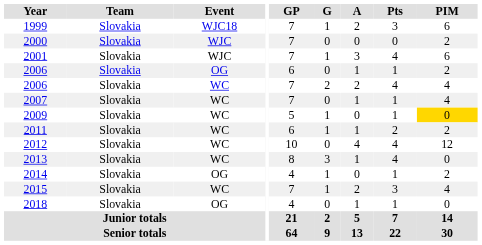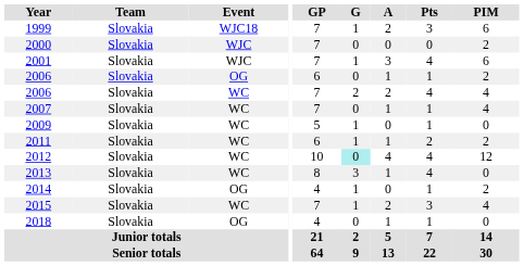 <table border="0" cellpadding="1" cellspacing="0" ID="Table3" style="text-align:center; width:40em">
 <tr ALIGN="center" bgcolor="#e0e0e0">
 <th>Year</th>
 <th>Team</th>
 <th>Event</th>
 <th rowspan="99" bgcolor="#ffffff"></th>
 <th>GP</th>
 <th>G</th>
 <th>A</th>
 <th>Pts</th>
 <th>PIM</th>
 </tr>
 <tr>
 <td><a href='#'>1999</a></td>
 <td><a href='#'>Slovakia</a></td>
 <td><a href='#'>WJC18</a></td>
 <td>7</td>
 <td>1</td>
 <td>2</td>
 <td>3</td>
 <td>6</td>
 </tr>
 <tr bgcolor="#f0f0f0">
 <td><a href='#'>2000</a></td>
 <td><a href='#'>Slovakia</a></td>
 <td><a href='#'>WJC</a></td>
 <td>7</td>
 <td>0</td>
 <td>0</td>
 <td>0</td>
 <td>2</td>
 </tr>
 <tr>
 <td><a href='#'>2001</a></td>
 <td>Slovakia</td>
 <td>WJC</td>
 <td>7</td>
 <td>1</td>
 <td>3</td>
 <td>4</td>
 <td>6</td>
 </tr>
 <tr bgcolor="#f0f0f0">
 <td><a href='#'>2006</a></td>
 <td><a href='#'>Slovakia</a></td>
 <td><a href='#'>OG</a></td>
 <td>6</td>
 <td>0</td>
 <td>1</td>
 <td>1</td>
 <td>2</td>
 </tr>
 <tr>
 <td><a href='#'>2006</a></td>
 <td>Slovakia</td>
 <td><a href='#'>WC</a></td>
 <td>7</td>
 <td>2</td>
 <td>2</td>
 <td>4</td>
 <td>4</td>
 </tr>
 <tr bgcolor="#f0f0f0">
 <td><a href='#'>2007</a></td>
 <td>Slovakia</td>
 <td>WC</td>
 <td>7</td>
 <td>0</td>
 <td>1</td>
 <td>1</td>
 <td>4</td>
 </tr>
 <tr>
 <td><a href='#'>2009</a></td>
 <td>Slovakia</td>
 <td>WC</td>
 <td>5</td>
 <td>1</td>
 <td>0</td>
 <td>1</td>
-<td style="background: gold;">0</td>
+<td>0</td>
 </tr>
 <tr bgcolor="#f0f0f0">
 <td><a href='#'>2011</a></td>
 <td>Slovakia</td>
 <td>WC</td>
 <td>6</td>
 <td>1</td>
 <td>1</td>
 <td>2</td>
 <td>2</td>
 </tr>
 <tr>
 <td><a href='#'>2012</a></td>
 <td>Slovakia</td>
 <td>WC</td>
 <td>10</td>
-<td>0</td>
+<td style="background: paleturquoise;">0</td>
 <td>4</td>
 <td>4</td>
 <td>12</td>
 </tr>
 <tr bgcolor="#f0f0f0">
 <td><a href='#'>2013</a></td>
 <td>Slovakia</td>
 <td>WC</td>
 <td>8</td>
 <td>3</td>
 <td>1</td>
 <td>4</td>
 <td>0</td>
 </tr>
 <tr>
 <td><a href='#'>2014</a></td>
 <td>Slovakia</td>
 <td>OG</td>
 <td>4</td>
 <td>1</td>
 <td>0</td>
 <td>1</td>
 <td>2</td>
 </tr>
 <tr bgcolor="#f0f0f0">
 <td><a href='#'>2015</a></td>
 <td>Slovakia</td>
 <td>WC</td>
 <td>7</td>
 <td>1</td>
 <td>2</td>
 <td>3</td>
 <td>4</td>
 </tr>
 <tr>
 <td><a href='#'>2018</a></td>
 <td>Slovakia</td>
 <td>OG</td>
 <td>4</td>
 <td>0</td>
 <td>1</td>
 <td>1</td>
 <td>0</td>
 </tr>
 <tr bgcolor="#e0e0e0">
 <th colspan="3">Junior totals</th>
 <th>21</th>
 <th>2</th>
 <th>5</th>
 <th>7</th>
 <th>14</th>
 </tr>
 <tr bgcolor="#e0e0e0">
 <th colspan="3">Senior totals</th>
 <th>64</th>
 <th>9</th>
 <th>13</th>
 <th>22</th>
 <th>30</th>
 </tr>
 </table>
